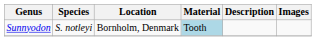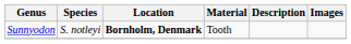 <table class="wikitable" align="center">
 <tr>
 <th>Genus</th>
 <th>Species</th>
 <th>Location</th>
 <th>Material</th>
 <th>Description</th>
 <th>Images</th>
 </tr>
 <tr>
 <td><em><a href='#'>Sunnyodon</a></em></td>
 <td><em>S. notleyi</em></td>
-<td>Bornholm, Denmark</td>
-<td style="background: lightblue;">Tooth</td>
+<td><strong>Bornholm, Denmark</strong></td>
+<td>Tooth</td>
 <td></td>
 <td><br></td>
 </tr>
 <tr>
 </tr>
 </table>
